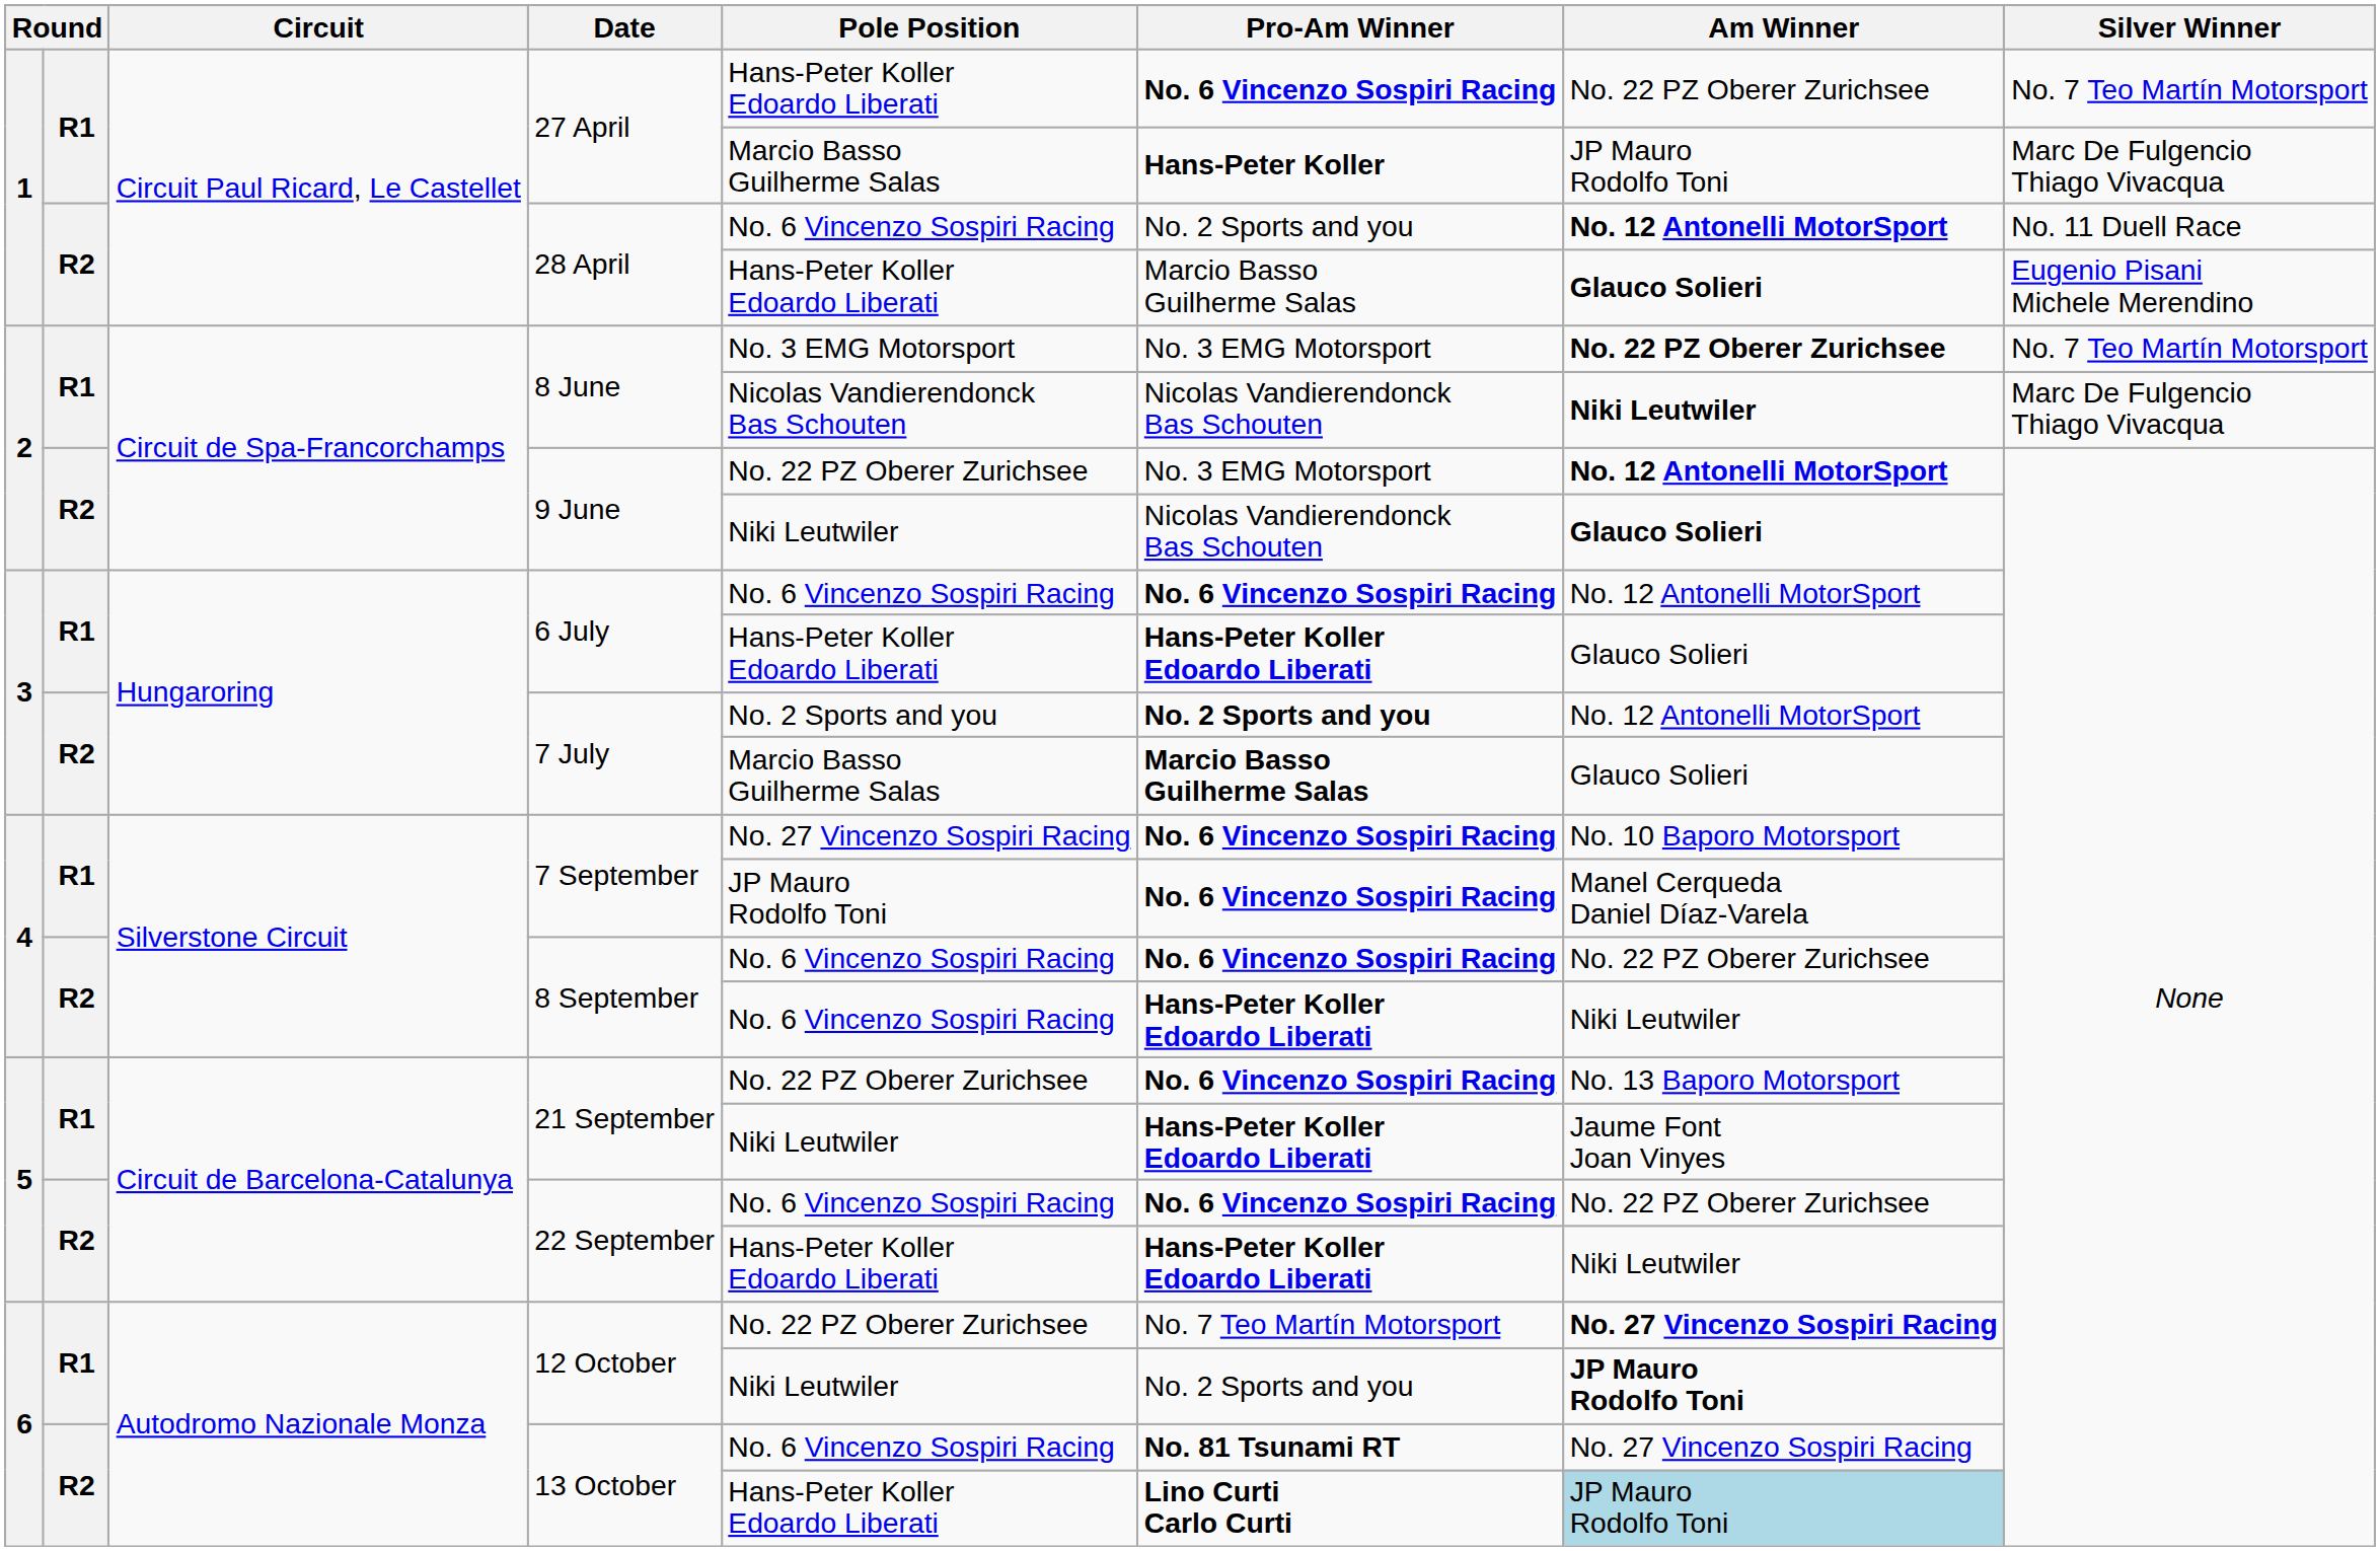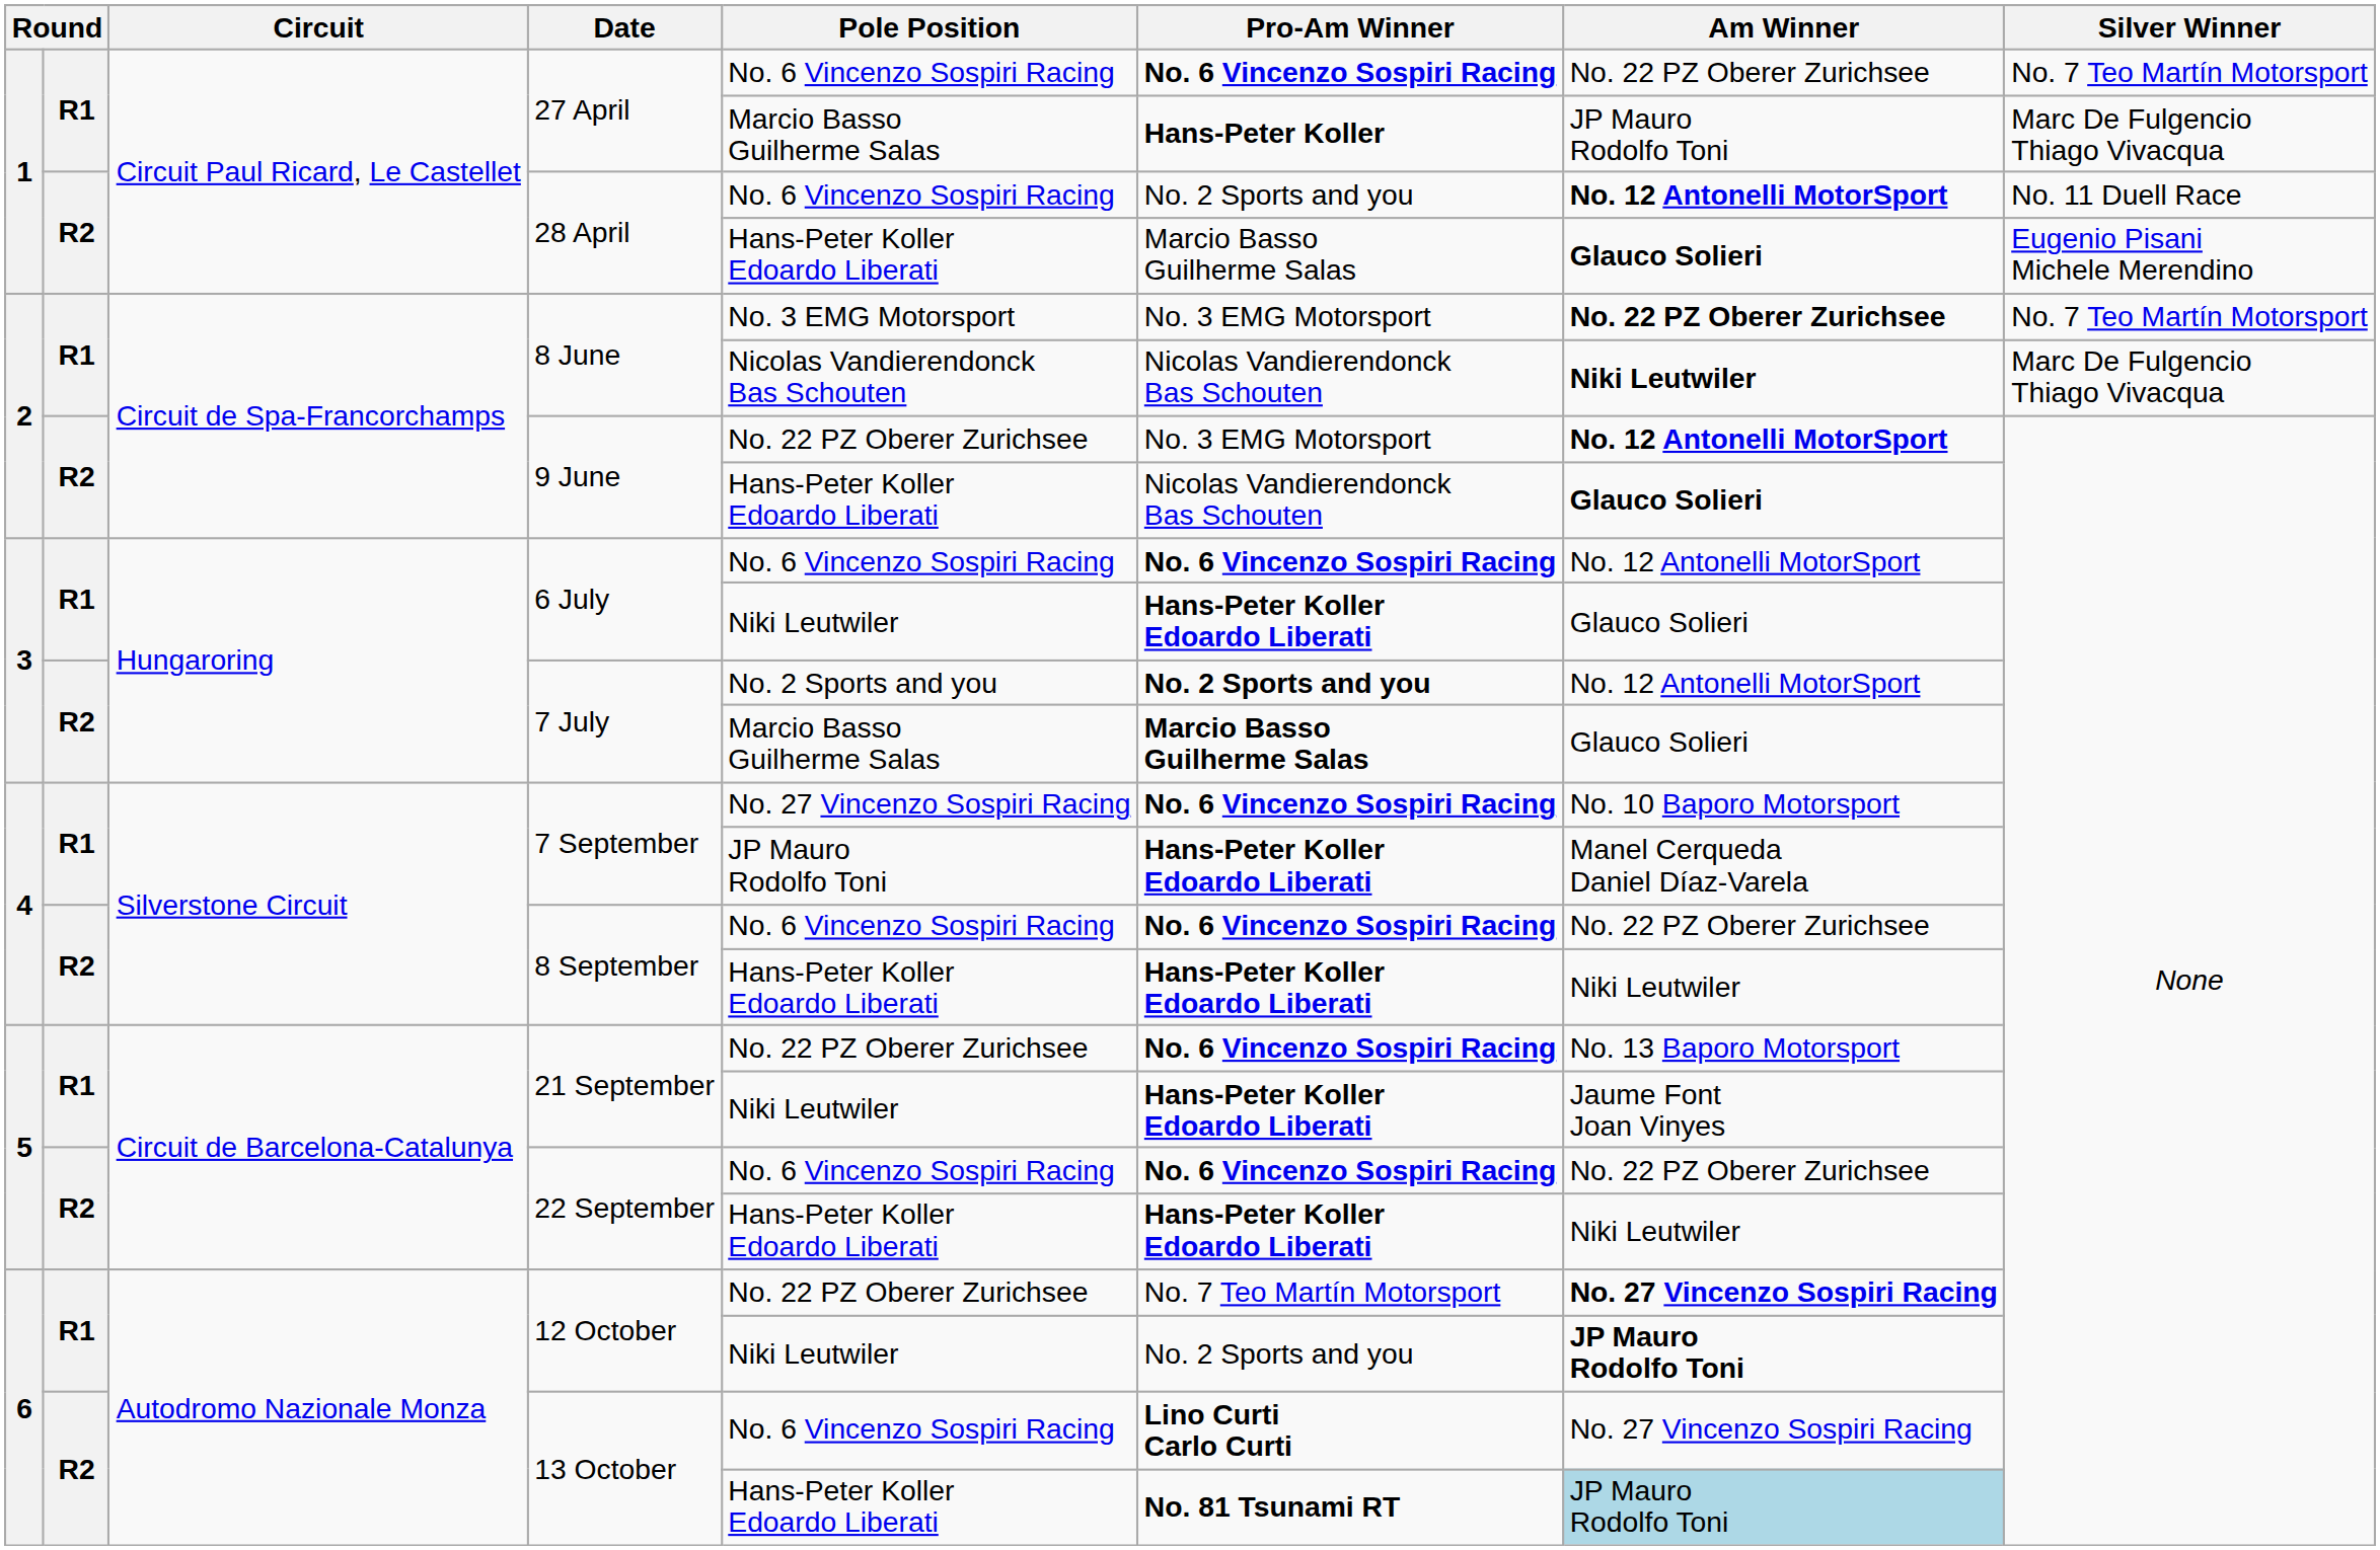 <table class="wikitable" style="font-size: 85%;">
 <tr>
 <th colspan=2>Round</th>
 <th>Circuit</th>
 <th>Date</th>
 <th>Pole Position</th>
 <th>Pro-Am Winner</th>
 <th>Am Winner</th>
 <th>Silver Winner</th>
 </tr>
 <tr>
 <th rowspan=4>1</th>
 <th rowspan=2>R1</th>
 <td rowspan=4> <a href='#'>Circuit Paul Ricard</a>, <a href='#'>Le Castellet</a></td>
 <td rowspan=2>27 April</td>
-<td> Hans-Peter Koller<br> <a href='#'>Edoardo Liberati</a></td>
+<td> No. 6 <a href='#'>Vincenzo Sospiri Racing</a></td>
 <td><strong> No. 6 <a href='#'>Vincenzo Sospiri Racing</a></strong></td>
 <td> No. 22 PZ Oberer Zurichsee</td>
 <td> No. 7 <a href='#'>Teo Martín Motorsport</a></td>
 </tr>
 <tr>
 <td> Marcio Basso<br> Guilherme Salas</td>
 <td><strong> Hans-Peter Koller</strong></td>
 <td> JP Mauro<br> Rodolfo Toni</td>
 <td> Marc De Fulgencio<br> Thiago Vivacqua</td>
 </tr>
 <tr>
 <th rowspan=2>R2</th>
 <td rowspan=2>28 April</td>
 <td> No. 6 <a href='#'>Vincenzo Sospiri Racing</a></td>
 <td> No. 2 Sports and you</td>
 <td><strong> No. 12 <a href='#'>Antonelli MotorSport</a></strong></td>
 <td> No. 11 Duell Race</td>
 </tr>
 <tr>
 <td> Hans-Peter Koller<br> <a href='#'>Edoardo Liberati</a></td>
 <td> Marcio Basso<br> Guilherme Salas</td>
 <td><strong> Glauco Solieri</strong></td>
 <td> <a href='#'>Eugenio Pisani</a><br> Michele Merendino</td>
 </tr>
 <tr>
 <th rowspan="4">2</th>
 <th rowspan="2">R1</th>
 <td rowspan="4"> <a href='#'>Circuit de Spa-Francorchamps</a></td>
 <td rowspan="2">8 June</td>
 <td> No. 3 EMG Motorsport</td>
 <td> No. 3 EMG Motorsport</td>
 <td><strong> No. 22 PZ Oberer Zurichsee</strong></td>
 <td> No. 7 <a href='#'>Teo Martín Motorsport</a></td>
 </tr>
 <tr>
 <td> Nicolas Vandierendonck<br> <a href='#'>Bas Schouten</a></td>
 <td> Nicolas Vandierendonck<br> <a href='#'>Bas Schouten</a></td>
 <td><strong> Niki Leutwiler</strong></td>
 <td> Marc De Fulgencio<br> Thiago Vivacqua</td>
 </tr>
 <tr>
 <th rowspan=2>R2</th>
 <td rowspan=2>9 June</td>
 <td> No. 22 PZ Oberer Zurichsee</td>
 <td> No. 3 EMG Motorsport</td>
 <td><strong> No. 12 <a href='#'>Antonelli MotorSport</a></strong></td>
 <td rowspan="18" align="center"><em>None</em></td>
 </tr>
 <tr>
-<td> Niki Leutwiler</td>
+<td> Hans-Peter Koller<br> <a href='#'>Edoardo Liberati</a></td>
 <td> Nicolas Vandierendonck<br> <a href='#'>Bas Schouten</a></td>
 <td><strong> Glauco Solieri</strong></td>
 </tr>
 <tr>
 <th rowspan=4>3</th>
 <th rowspan=2>R1</th>
 <td rowspan=4> <a href='#'>Hungaroring</a></td>
 <td rowspan=2>6 July</td>
 <td> No. 6 <a href='#'>Vincenzo Sospiri Racing</a></td>
 <td><strong> No. 6 <a href='#'>Vincenzo Sospiri Racing</a></strong></td>
 <td> No. 12 <a href='#'>Antonelli MotorSport</a></td>
 </tr>
 <tr>
-<td> Hans-Peter Koller<br> <a href='#'>Edoardo Liberati</a></td>
+<td> Niki Leutwiler</td>
 <td><strong> Hans-Peter Koller<br> <a href='#'>Edoardo Liberati</a></strong></td>
 <td> Glauco Solieri</td>
 </tr>
 <tr>
 <th rowspan=2>R2</th>
 <td rowspan=2>7 July</td>
 <td> No. 2 Sports and you</td>
 <td><strong> No. 2 Sports and you</strong></td>
 <td> No. 12 <a href='#'>Antonelli MotorSport</a></td>
 </tr>
 <tr>
 <td> Marcio Basso<br> Guilherme Salas</td>
 <td><strong> Marcio Basso<br> Guilherme Salas</strong></td>
 <td> Glauco Solieri</td>
 </tr>
 <tr>
 <th rowspan=4>4</th>
 <th rowspan=2>R1</th>
 <td rowspan=4> <a href='#'>Silverstone Circuit</a></td>
 <td rowspan=2>7 September</td>
 <td> No. 27 <a href='#'>Vincenzo Sospiri Racing</a></td>
 <td><strong> No. 6 <a href='#'>Vincenzo Sospiri Racing</a></strong></td>
 <td> No. 10 <a href='#'>Baporo Motorsport</a></td>
 </tr>
 <tr>
 <td> JP Mauro<br> Rodolfo Toni</td>
-<td><strong> No. 6 <a href='#'>Vincenzo Sospiri Racing</a></strong></td>
+<td><strong> Hans-Peter Koller<br> <a href='#'>Edoardo Liberati</a></strong></td>
 <td> Manel Cerqueda<br> Daniel Díaz-Varela</td>
 </tr>
 <tr>
 <th rowspan=2>R2</th>
 <td rowspan=2>8 September</td>
 <td> No. 6 <a href='#'>Vincenzo Sospiri Racing</a></td>
 <td><strong> No. 6 <a href='#'>Vincenzo Sospiri Racing</a></strong></td>
 <td> No. 22 PZ Oberer Zurichsee</td>
 </tr>
 <tr>
-<td> No. 6 <a href='#'>Vincenzo Sospiri Racing</a></td>
+<td> Hans-Peter Koller<br> <a href='#'>Edoardo Liberati</a></td>
 <td><strong> Hans-Peter Koller<br> <a href='#'>Edoardo Liberati</a></strong></td>
 <td> Niki Leutwiler</td>
 </tr>
 <tr>
 <th rowspan=4>5</th>
 <th rowspan=2>R1</th>
 <td rowspan=4> <a href='#'>Circuit de Barcelona-Catalunya</a></td>
 <td rowspan=2>21 September</td>
 <td> No. 22 PZ Oberer Zurichsee</td>
 <td><strong> No. 6 <a href='#'>Vincenzo Sospiri Racing</a></strong></td>
 <td> No. 13 <a href='#'>Baporo Motorsport</a></td>
 </tr>
 <tr>
 <td> Niki Leutwiler</td>
 <td><strong> Hans-Peter Koller<br> <a href='#'>Edoardo Liberati</a></strong></td>
 <td> Jaume Font<br> Joan Vinyes</td>
 </tr>
 <tr>
 <th rowspan=2>R2</th>
 <td rowspan=2>22 September</td>
 <td> No. 6 <a href='#'>Vincenzo Sospiri Racing</a></td>
 <td><strong> No. 6 <a href='#'>Vincenzo Sospiri Racing</a></strong></td>
 <td> No. 22 PZ Oberer Zurichsee</td>
 </tr>
 <tr>
 <td> Hans-Peter Koller<br> <a href='#'>Edoardo Liberati</a></td>
 <td><strong> Hans-Peter Koller<br> <a href='#'>Edoardo Liberati</a></strong></td>
 <td> Niki Leutwiler</td>
 </tr>
 <tr>
 <th rowspan=4>6</th>
 <th rowspan=2>R1</th>
 <td rowspan=4> <a href='#'>Autodromo Nazionale Monza</a></td>
 <td rowspan=2>12 October</td>
 <td> No. 22 PZ Oberer Zurichsee</td>
 <td> No. 7 <a href='#'>Teo Martín Motorsport</a></td>
 <td><strong> No. 27 <a href='#'>Vincenzo Sospiri Racing</a></strong></td>
 </tr>
 <tr>
 <td> Niki Leutwiler</td>
 <td> No. 2 Sports and you</td>
 <td><strong> JP Mauro<br> Rodolfo Toni</strong></td>
 </tr>
 <tr>
 <th rowspan=2>R2</th>
 <td rowspan=2>13 October</td>
 <td> No. 6 <a href='#'>Vincenzo Sospiri Racing</a></td>
-<td><strong> No. 81 Tsunami RT</strong></td>
+<td><strong> Lino Curti<br> Carlo Curti</strong></td>
 <td> No. 27 <a href='#'>Vincenzo Sospiri Racing</a></td>
 </tr>
 <tr>
 <td> Hans-Peter Koller<br> <a href='#'>Edoardo Liberati</a></td>
-<td><strong> Lino Curti<br> Carlo Curti</strong></td>
+<td><strong> No. 81 Tsunami RT</strong></td>
 <td style="background: lightblue;"> JP Mauro<br> Rodolfo Toni</td>
 </tr>
 </table>
